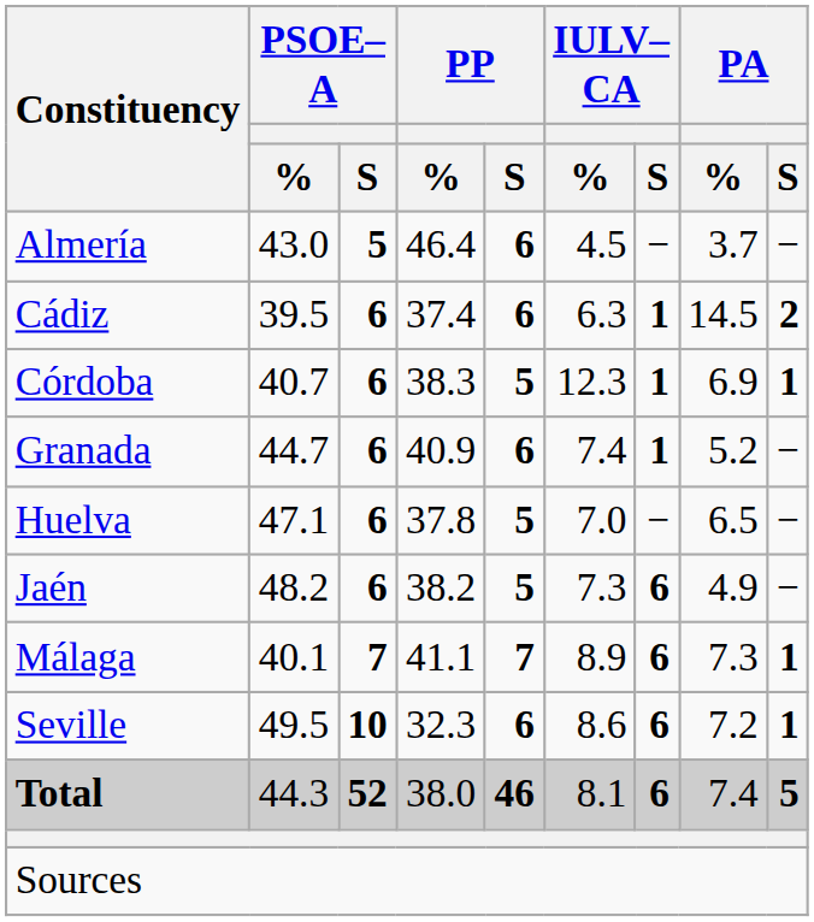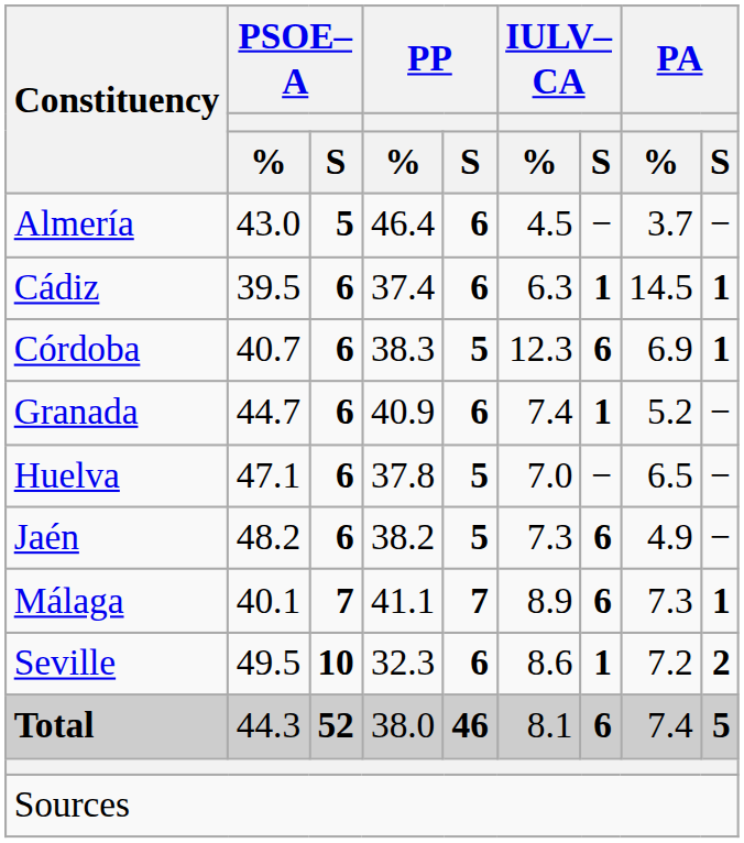 <table class="wikitable sortable" style="text-align:right; line-height:20px;">
 <tr>
 <th rowspan="3">Constituency</th>
 <th colspan="2" width="30px" class="unsortable"><a href='#'>PSOE–A</a></th>
 <th colspan="2" width="30px" class="unsortable"><a href='#'>PP</a></th>
 <th colspan="2" width="30px" class="unsortable"><a href='#'>IULV–CA</a></th>
 <th colspan="2" width="30px" class="unsortable"><a href='#'>PA</a></th>
 </tr>
 <tr>
 <th colspan="2" style="background:"></th>
 <th colspan="2" style="background:"></th>
 <th colspan="2" style="background:"></th>
 <th colspan="2" style="background:"></th>
 </tr>
 <tr>
 <th data-sort-type="number">%</th>
 <th data-sort-type="number">S</th>
 <th data-sort-type="number">%</th>
 <th data-sort-type="number">S</th>
 <th data-sort-type="number">%</th>
 <th data-sort-type="number">S</th>
 <th data-sort-type="number">%</th>
 <th data-sort-type="number">S</th>
 </tr>
 <tr>
 <td align="left"><a href='#'>Almería</a></td>
 <td>43.0</td>
 <td><strong>5</strong></td>
 <td style="background:">46.4</td>
 <td><strong>6</strong></td>
 <td>4.5</td>
 <td>−</td>
 <td>3.7</td>
 <td>−</td>
 </tr>
 <tr>
 <td align="left"><a href='#'>Cádiz</a></td>
 <td style="background:">39.5</td>
 <td><strong>6</strong></td>
 <td>37.4</td>
 <td><strong>6</strong></td>
 <td>6.3</td>
 <td><strong>1</strong></td>
 <td>14.5</td>
-<td><strong>2</strong></td>
+<td><strong>1</strong></td>
 </tr>
 <tr>
 <td align="left"><a href='#'>Córdoba</a></td>
 <td style="background:">40.7</td>
 <td><strong>6</strong></td>
 <td>38.3</td>
 <td><strong>5</strong></td>
 <td>12.3</td>
-<td><strong>1</strong></td>
+<td><strong>6</strong></td>
 <td>6.9</td>
 <td><strong>1</strong></td>
 </tr>
 <tr>
 <td align="left"><a href='#'>Granada</a></td>
 <td style="background:">44.7</td>
 <td><strong>6</strong></td>
 <td>40.9</td>
 <td><strong>6</strong></td>
 <td>7.4</td>
 <td><strong>1</strong></td>
 <td>5.2</td>
 <td>−</td>
 </tr>
 <tr>
 <td align="left"><a href='#'>Huelva</a></td>
 <td style="background:">47.1</td>
 <td><strong>6</strong></td>
 <td>37.8</td>
 <td><strong>5</strong></td>
 <td>7.0</td>
 <td>−</td>
 <td>6.5</td>
 <td>−</td>
 </tr>
 <tr>
 <td align="left"><a href='#'>Jaén</a></td>
 <td style="background:">48.2</td>
 <td><strong>6</strong></td>
 <td>38.2</td>
 <td><strong>5</strong></td>
 <td>7.3</td>
 <td><strong>6</strong></td>
 <td>4.9</td>
 <td>−</td>
 </tr>
 <tr>
 <td align="left"><a href='#'>Málaga</a></td>
 <td>40.1</td>
 <td><strong>7</strong></td>
 <td style="background:">41.1</td>
 <td><strong>7</strong></td>
 <td>8.9</td>
 <td><strong>6</strong></td>
 <td>7.3</td>
 <td><strong>1</strong></td>
 </tr>
 <tr>
 <td align="left"><a href='#'>Seville</a></td>
 <td style="background:">49.5</td>
 <td><strong>10</strong></td>
 <td>32.3</td>
 <td><strong>6</strong></td>
 <td>8.6</td>
-<td><strong>6</strong></td>
+<td><strong>1</strong></td>
 <td>7.2</td>
-<td><strong>1</strong></td>
+<td><strong>2</strong></td>
 </tr>
 <tr style="background:#CDCDCD;">
 <td align="left"><strong>Total</strong></td>
 <td style="background:">44.3</td>
 <td><strong>52</strong></td>
 <td>38.0</td>
 <td><strong>46</strong></td>
 <td>8.1</td>
 <td><strong>6</strong></td>
 <td>7.4</td>
 <td><strong>5</strong></td>
 </tr>
 <tr>
 <th colspan="9"></th>
 </tr>
 <tr>
 <th style="text-align:left; font-weight:normal; background:#F9F9F9" colspan="9">Sources</th>
 </tr>
 </table>
